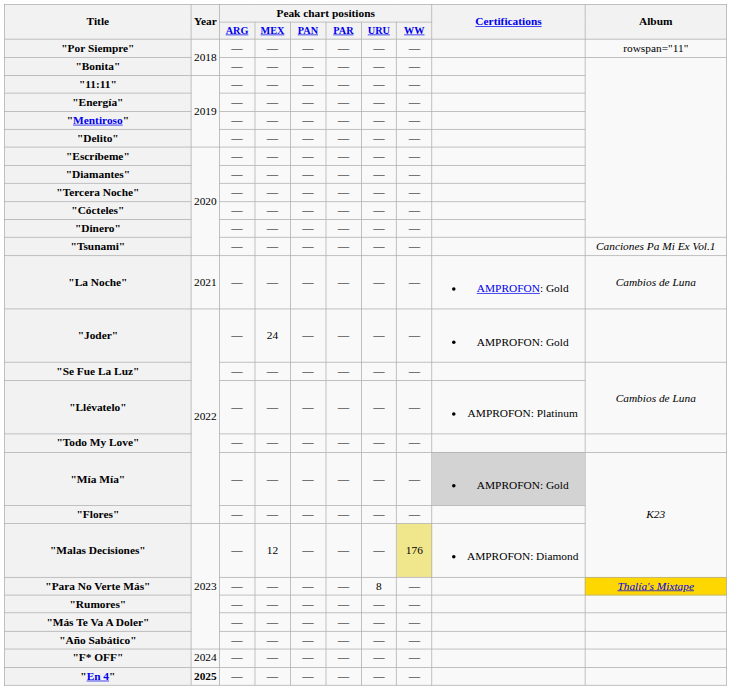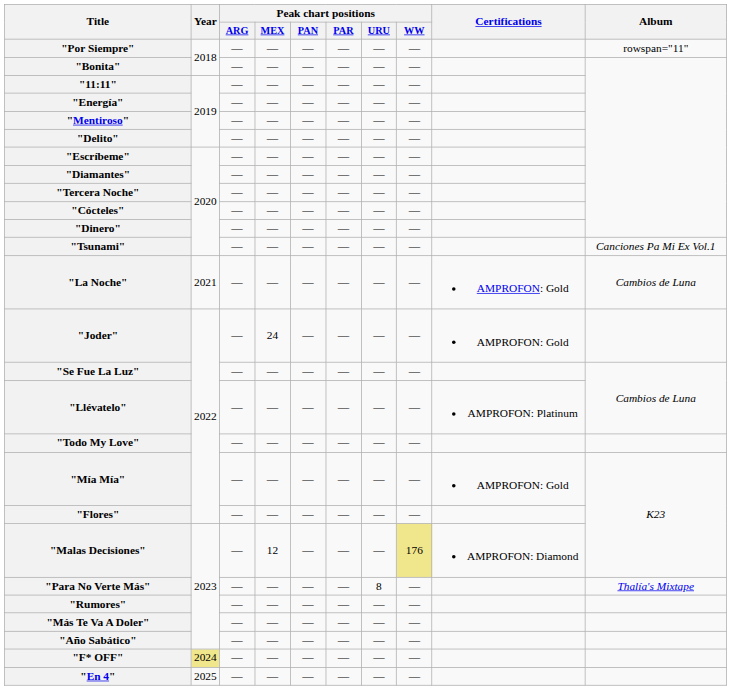 <table class="wikitable plainrowheaders" style="text-align:center;">
 <tr>
 <th scope="col" rowspan="2" style="width:16em;">Title</th>
 <th scope="col" rowspan="2" style="width:1em;">Year</th>
 <th scope="col" colspan="6">Peak chart positions</th>
 <th scope="col" rowspan="2" style="width:13em;"><a href='#'>Certifications</a></th>
 <th scope="col" rowspan="2" style="width:12em;">Album</th>
 </tr>
 <tr>
 <th scope="col" style="width:3em;font-size:90%;"><a href='#'>ARG</a><br></th>
 <th scope="col" style="width:3em;font-size:90%;"><a href='#'>MEX</a><br></th>
 <th scope="col" style="width:3em;font-size:90%;"><a href='#'>PAN</a><br></th>
 <th scope="col" style="width:3em;font-size:90%;"><a href='#'>PAR</a><br></th>
 <th scope="col" style="width:3em;font-size:90%;"><a href='#'>URU</a><br></th>
 <th scope="col" style="width:3em;font-size:90%;"><a href='#'>WW</a><br></th>
 </tr>
 <tr>
 <th scope="row">"Por Siempre"</th>
 <td rowspan="2">2018</td>
 <td>—</td>
 <td>—</td>
 <td>—</td>
 <td>—</td>
 <td>—</td>
 <td>—</td>
 <td></td>
 <td>rowspan="11" </td>
 </tr>
 <tr>
 <th scope="row">"Bonita"</th>
 <td>—</td>
 <td>—</td>
 <td>—</td>
 <td>—</td>
 <td>—</td>
 <td>—</td>
 <td></td>
 </tr>
 <tr>
 <th scope="row">"11:11" </th>
 <td rowspan="4">2019</td>
 <td>—</td>
 <td>—</td>
 <td>—</td>
 <td>—</td>
 <td>—</td>
 <td>—</td>
 <td></td>
 </tr>
 <tr>
 <th scope="row">"Energía"<br></th>
 <td>—</td>
 <td>—</td>
 <td>—</td>
 <td>—</td>
 <td>—</td>
 <td>—</td>
 <td></td>
 </tr>
 <tr>
 <th scope="row">"<a href='#'>Mentiroso</a>"</th>
 <td>—</td>
 <td>—</td>
 <td>—</td>
 <td>—</td>
 <td>—</td>
 <td>—</td>
 <td></td>
 </tr>
 <tr>
 <th scope="row">"Delito"</th>
 <td>—</td>
 <td>—</td>
 <td>—</td>
 <td>—</td>
 <td>—</td>
 <td>—</td>
 <td></td>
 </tr>
 <tr>
 <th scope="row">"Escríbeme"</th>
 <td rowspan="6">2020</td>
 <td>—</td>
 <td>—</td>
 <td>—</td>
 <td>—</td>
 <td>—</td>
 <td>—</td>
 <td></td>
 </tr>
 <tr>
 <th scope="row">"Diamantes"<br></th>
 <td>—</td>
 <td>—</td>
 <td>—</td>
 <td>—</td>
 <td>—</td>
 <td>—</td>
 <td></td>
 </tr>
 <tr>
 <th scope="row">"Tercera Noche"</th>
 <td>—</td>
 <td>—</td>
 <td>—</td>
 <td>—</td>
 <td>—</td>
 <td>—</td>
 <td></td>
 </tr>
 <tr>
 <th scope="row">"Cócteles"</th>
 <td>—</td>
 <td>—</td>
 <td>—</td>
 <td>—</td>
 <td>—</td>
 <td>—</td>
 <td></td>
 </tr>
 <tr>
 <th scope="row">"Dinero"</th>
 <td>—</td>
 <td>—</td>
 <td>—</td>
 <td>—</td>
 <td>—</td>
 <td>—</td>
 <td></td>
 </tr>
 <tr>
 <th scope="row">"Tsunami"</th>
 <td>—</td>
 <td>—</td>
 <td>—</td>
 <td>—</td>
 <td>—</td>
 <td>—</td>
 <td></td>
 <td><em>Canciones Pa Mi Ex Vol.1</em></td>
 </tr>
 <tr>
 <th scope="row">"La Noche"</th>
 <td>2021</td>
 <td>—</td>
 <td>—</td>
 <td>—</td>
 <td>—</td>
 <td>—</td>
 <td>—</td>
 <td><br><ul><li><a href='#'>AMPROFON</a>: Gold</li></ul></td>
 <td><em>Cambios de Luna</em></td>
 </tr>
 <tr>
 <th scope="row">"Joder"<br></th>
 <td rowspan="6">2022</td>
 <td>—</td>
 <td>24</td>
 <td>—</td>
 <td>—</td>
 <td>—</td>
 <td>—</td>
 <td><br><ul><li>AMPROFON: Gold</li></ul></td>
 <td></td>
 </tr>
 <tr>
 <th scope="row">"Se Fue La Luz"</th>
 <td>—</td>
 <td>—</td>
 <td>—</td>
 <td>—</td>
 <td>—</td>
 <td>—</td>
 <td></td>
 <td rowspan="2"><em>Cambios de Luna</em></td>
 </tr>
 <tr>
 <th scope="row">"Llévatelo"</th>
 <td>—</td>
 <td>—</td>
 <td>—</td>
 <td>—</td>
 <td>—</td>
 <td>—</td>
 <td><br><ul><li>AMPROFON: Platinum</li></ul></td>
 </tr>
 <tr>
 <th scope="row">"Todo My Love"</th>
 <td>—</td>
 <td>—</td>
 <td>—</td>
 <td>—</td>
 <td>—</td>
 <td>—</td>
 <td></td>
 <td></td>
 </tr>
 <tr>
 <th scope="row">"Mía Mía"</th>
 <td>—</td>
 <td>—</td>
 <td>—</td>
 <td>—</td>
 <td>—</td>
 <td>—</td>
-<td style="background: lightgrey;"><br><ul><li>AMPROFON: Gold</li></ul></td>
+<td><br><ul><li>AMPROFON: Gold</li></ul></td>
 <td rowspan="3"><em>K23</em></td>
 </tr>
 <tr>
 <th scope="row">"Flores"</th>
 <td>—</td>
 <td>—</td>
 <td>—</td>
 <td>—</td>
 <td>—</td>
 <td>—</td>
 <td></td>
 </tr>
 <tr>
 <th scope="row">"Malas Decisiones"</th>
 <td rowspan="5">2023</td>
 <td>—</td>
 <td>12</td>
 <td>—</td>
 <td>—</td>
 <td>—</td>
 <td style="background: khaki;">176</td>
 <td><br><ul><li>AMPROFON: Diamond</li></ul></td>
 </tr>
 <tr>
 <th scope="row">"Para No Verte Más"<br></th>
 <td>—</td>
 <td>—</td>
 <td>—</td>
 <td>—</td>
 <td>8</td>
 <td>—</td>
 <td></td>
-<td style="background: gold;"><em><a href='#'>Thalía's Mixtape</a></em></td>
+<td><em><a href='#'>Thalía's Mixtape</a></em></td>
 </tr>
 <tr>
 <th scope="row">"Rumores"<br></th>
 <td>—</td>
 <td>—</td>
 <td>—</td>
 <td>—</td>
 <td>—</td>
 <td>—</td>
 <td></td>
 <td></td>
 </tr>
 <tr>
 <th scope="row">"Más Te Va A Doler"</th>
 <td>—</td>
 <td>—</td>
 <td>—</td>
 <td>—</td>
 <td>—</td>
 <td>—</td>
 <td></td>
 <td></td>
 </tr>
 <tr>
 <th scope="row">"Año Sabático"</th>
 <td>—</td>
 <td>—</td>
 <td>—</td>
 <td>—</td>
 <td>—</td>
 <td>—</td>
 <td></td>
 <td></td>
 </tr>
 <tr>
 <th scope="row">"F* OFF"<br></th>
-<td>2024</td>
+<td style="background: khaki;">2024</td>
 <td>—</td>
 <td>—</td>
 <td>—</td>
 <td>—</td>
 <td>—</td>
 <td>—</td>
 <td></td>
 <td></td>
 </tr>
 <tr>
 <th scope="row">"<a href='#'>En 4</a>" </th>
-<td><strong>2025</strong></td>
+<td>2025</td>
 <td>—</td>
 <td>—</td>
 <td>—</td>
 <td>—</td>
 <td>—</td>
 <td>—</td>
 <td></td>
 <td></td>
 </tr>
 </table>
